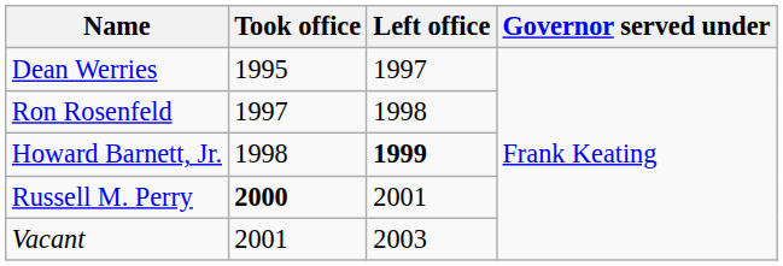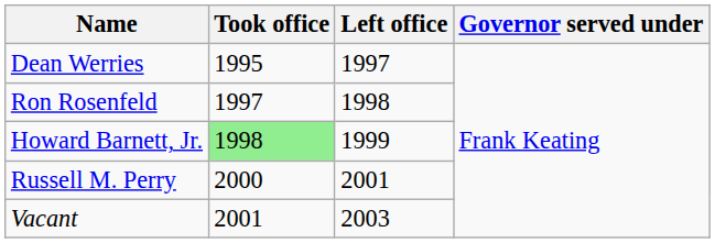 <table class="wikitable">
 <tr>
 <th>Name</th>
 <th>Took office</th>
 <th>Left office</th>
 <th><a href='#'>Governor</a> served under</th>
 </tr>
 <tr>
 <td><a href='#'>Dean Werries</a></td>
 <td>1995</td>
 <td>1997</td>
 <td rowspan=5 ><a href='#'>Frank Keating</a></td>
 </tr>
 <tr>
 <td><a href='#'>Ron Rosenfeld</a></td>
 <td>1997</td>
 <td>1998</td>
 </tr>
 <tr>
 <td><a href='#'>Howard Barnett, Jr.</a></td>
-<td>1998</td>
-<td><strong>1999</strong></td>
+<td style="background: lightgreen;">1998</td>
+<td>1999</td>
 </tr>
 <tr>
 <td><a href='#'>Russell M. Perry</a></td>
-<td><strong>2000</strong></td>
+<td>2000</td>
 <td>2001</td>
 </tr>
 <tr>
 <td><em>Vacant</em></td>
 <td>2001</td>
 <td>2003</td>
 </tr>
 </table>
